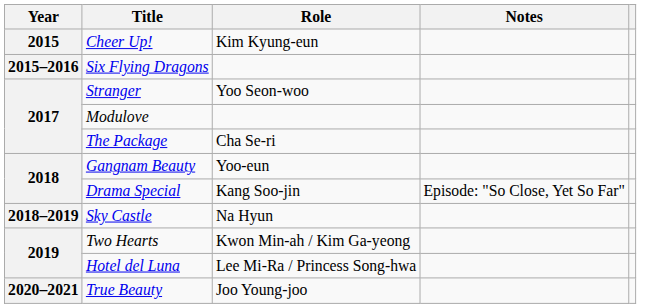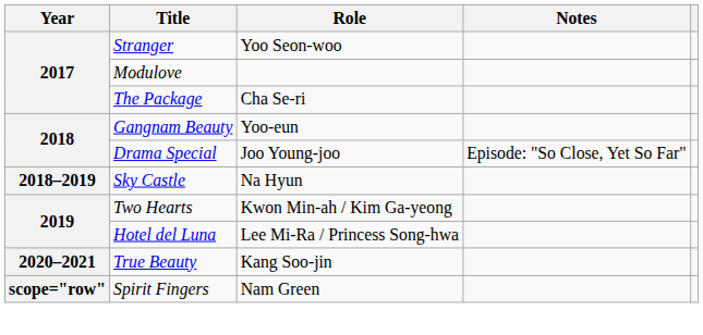 <table class="wikitable plainrowheaders sortable">
 <tr>
 <th scope="col">Year</th>
 <th scope="col">Title</th>
 <th scope="col">Role</th>
 <th scope="col">Notes</th>
 <th scope="col" class="unsortable"></th>
-</tr>
-<tr>
-<th scope="row">2015</th>
-<td><em><a href='#'>Cheer Up!</a></em></td>
-<td>Kim Kyung-eun</td>
-<td></td>
-<td style="text-align:center"></td>
-</tr>
-<tr>
-<th scope="row">2015–2016</th>
-<td><em><a href='#'>Six Flying Dragons</a></em></td>
-<td></td>
-<td></td>
-<td style="text-align:center"></td>
 </tr>
 <tr>
 <th scope="row" rowspan="3">2017</th>
 <td><em><a href='#'>Stranger</a></em></td>
 <td>Yoo Seon-woo</td>
 <td></td>
 <td style="text-align:center"></td>
 </tr>
 <tr>
 <td><em>Modulove</em></td>
 <td></td>
 <td></td>
 <td style="text-align:center"></td>
 </tr>
 <tr>
 <td><em><a href='#'>The Package</a></em></td>
 <td>Cha Se-ri</td>
 <td></td>
 <td style="text-align:center"></td>
 </tr>
 <tr>
 <th scope="row" rowspan="2">2018</th>
 <td><em><a href='#'>Gangnam Beauty</a></em></td>
 <td>Yoo-eun</td>
 <td></td>
 <td style="text-align:center"></td>
 </tr>
 <tr>
 <td><em><a href='#'>Drama Special</a></em></td>
-<td>Kang Soo-jin</td>
+<td>Joo Young-joo</td>
 <td>Episode: "So Close, Yet So Far"</td>
 <td style="text-align:center"></td>
 </tr>
 <tr>
 <th scope="row">2018–2019</th>
 <td><em><a href='#'>Sky Castle</a></em></td>
 <td>Na Hyun</td>
 <td></td>
 <td style="text-align:center"></td>
 </tr>
 <tr>
 <th scope="row" rowspan="2">2019</th>
 <td><em>Two Hearts</em></td>
 <td>Kwon Min-ah / Kim Ga-yeong</td>
 <td></td>
 <td style="text-align:center"></td>
 </tr>
 <tr>
 <td><em><a href='#'>Hotel del Luna</a></em></td>
 <td>Lee Mi-Ra / Princess Song-hwa</td>
 <td></td>
 <td style="text-align:center"></td>
 </tr>
 <tr>
 <th scope="row">2020–2021</th>
 <td><em><a href='#'>True Beauty</a></em></td>
-<td>Joo Young-joo</td>
+<td>Kang Soo-jin</td>
+<td></td>
+<td style="text-align:center"></td>
+</tr>
+<tr>
+<th>scope="row" </th>
+<td><em>Spirit Fingers</em></td>
+<td>Nam Green</td>
 <td></td>
 <td style="text-align:center"></td>
 </tr>
 </table>
